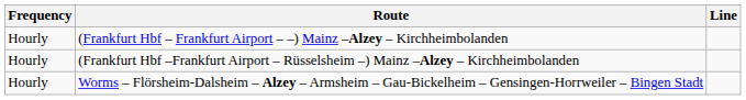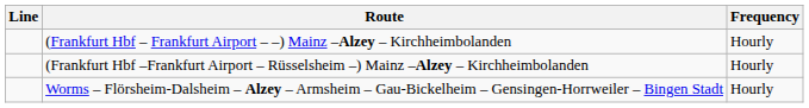 <table class="wikitable">
 <tr>
+<th>Line</th>
+<th>Route</th>
 <th>Frequency</th>
-<th>Route</th>
-<th>Line</th>
 </tr>
 <tr>
+<td></td>
+<td>(<a href='#'>Frankfurt Hbf</a> – <a href='#'>Frankfurt Airport</a> –  –) <a href='#'>Mainz</a> –<strong>Alzey</strong> –  Kirchheimbolanden</td>
 <td>Hourly</td>
-<td>(<a href='#'>Frankfurt Hbf</a> – <a href='#'>Frankfurt Airport</a> –  –) <a href='#'>Mainz</a> –<strong>Alzey</strong> –  Kirchheimbolanden</td>
-<td></td>
 </tr>
 <tr>
+<td></td>
+<td>(Frankfurt Hbf –Frankfurt Airport – Rüsselsheim –) Mainz –<strong>Alzey</strong> –  Kirchheimbolanden</td>
 <td>Hourly</td>
-<td>(Frankfurt Hbf –Frankfurt Airport – Rüsselsheim –) Mainz –<strong>Alzey</strong> –  Kirchheimbolanden</td>
-<td></td>
 </tr>
 <tr>
+<td></td>
+<td><a href='#'>Worms</a> – Flörsheim-Dalsheim – <strong>Alzey</strong> – Armsheim – Gau-Bickelheim – Gensingen-Horrweiler – <a href='#'>Bingen Stadt</a></td>
 <td>Hourly</td>
-<td><a href='#'>Worms</a> – Flörsheim-Dalsheim – <strong>Alzey</strong> – Armsheim – Gau-Bickelheim – Gensingen-Horrweiler – <a href='#'>Bingen Stadt</a></td>
-<td></td>
 </tr>
 </table>
